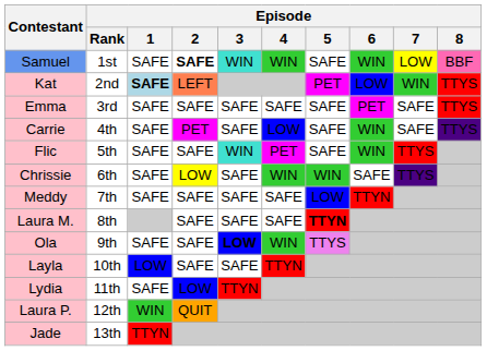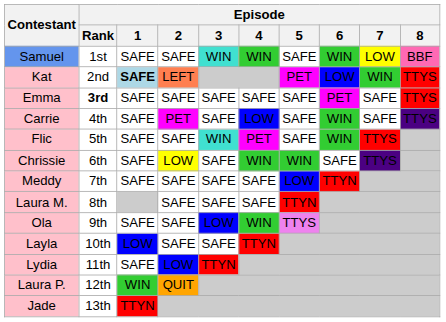 <table class="wikitable" style="text-align:center; background-color: white">
 <tr>
 <th rowspan=2>Contestant</th>
 <th colspan=9>Episode</th>
 </tr>
 <tr>
 <th>Rank</th>
 <th>1</th>
 <th>2</th>
 <th>3</th>
 <th>4</th>
 <th>5</th>
 <th>6</th>
 <th>7</th>
 <th>8</th>
 </tr>
 <tr>
 <td bgcolor="cornflowerblue">Samuel</td>
 <td>1st</td>
 <td>SAFE</td>
-<td><strong>SAFE</strong></td>
+<td>SAFE</td>
 <td bgcolor="turquoise">WIN</td>
 <td bgcolor="limegreen">WIN</td>
 <td>SAFE</td>
 <td bgcolor="limegreen">WIN</td>
 <td bgcolor="yellow"><span>LOW</span></td>
 <td bgcolor="hotpink">BBF</td>
 </tr>
 <tr>
 <td bgcolor="pink">Kat</td>
 <td>2nd</td>
 <td bgcolor="lightblue"><strong>SAFE</strong></td>
 <td bgcolor="coral">LEFT</td>
 <td bgcolor="#CCCCCC" colspan=2></td>
 <td bgcolor="magenta"><span>PET</span></td>
 <td bgcolor="blue"><span>LOW</span></td>
 <td bgcolor="limegreen">WIN</td>
 <td bgcolor="red">TTYS</td>
 </tr>
 <tr>
 <td bgcolor="pink">Emma</td>
-<td>3rd</td>
+<td><strong>3rd</strong></td>
 <td>SAFE</td>
 <td>SAFE</td>
 <td>SAFE</td>
 <td>SAFE</td>
 <td>SAFE</td>
 <td bgcolor="magenta"><span>PET</span></td>
 <td>SAFE</td>
 <td bgcolor="red">TTYS</td>
 </tr>
 <tr>
 <td bgcolor="pink">Carrie</td>
 <td>4th</td>
 <td>SAFE</td>
 <td bgcolor="magenta"><span>PET</span></td>
 <td>SAFE</td>
 <td bgcolor="blue"><span>LOW</span></td>
 <td>SAFE</td>
 <td bgcolor="limegreen">WIN</td>
 <td>SAFE</td>
 <td bgcolor="indigo"><span>TTYS</span></td>
 </tr>
 <tr>
 <td bgcolor="pink">Flic</td>
 <td>5th</td>
 <td>SAFE</td>
 <td>SAFE</td>
 <td bgcolor="turquoise">WIN</td>
 <td bgcolor="magenta"><span>PET</span></td>
 <td>SAFE</td>
 <td bgcolor="limegreen">WIN</td>
 <td bgcolor="red">TTYS</td>
 <td bgcolor="#CCCCCC"></td>
 </tr>
 <tr>
 <td bgcolor="pink">Chrissie</td>
 <td>6th</td>
 <td>SAFE</td>
 <td bgcolor="yellow">LOW</td>
 <td>SAFE</td>
 <td bgcolor="limegreen">WIN</td>
 <td bgcolor="limegreen">WIN</td>
 <td>SAFE</td>
 <td bgcolor="indigo"><span>TTYS</span></td>
 <td bgcolor="#CCCCCC"></td>
 </tr>
 <tr>
 <td bgcolor="pink">Meddy</td>
 <td>7th</td>
 <td>SAFE</td>
 <td>SAFE</td>
 <td>SAFE</td>
 <td>SAFE</td>
 <td bgcolor="blue"><span>LOW</span></td>
 <td bgcolor="red">TTYN</td>
 <td bgcolor="#CCCCCC" colspan=2></td>
 </tr>
 <tr>
 <td bgcolor="pink">Laura M.</td>
 <td>8th</td>
 <td bgcolor="#CCCCCC"></td>
 <td>SAFE</td>
 <td>SAFE</td>
 <td>SAFE</td>
-<td bgcolor="red"><strong>TTYN</strong></td>
+<td bgcolor="red">TTYN</td>
 <td bgcolor="#CCCCCC" colspan=3></td>
 </tr>
 <tr>
 <td bgcolor="pink">Ola</td>
 <td>9th</td>
 <td>SAFE</td>
 <td>SAFE</td>
-<td bgcolor="blue"><strong><span>LOW</span></strong></td>
+<td bgcolor="blue"><span>LOW</span></td>
 <td bgcolor="limegreen">WIN</td>
 <td bgcolor="violet">TTYS</td>
 <td bgcolor="#CCCCCC" colspan=3></td>
 </tr>
 <tr>
 <td bgcolor="pink">Layla</td>
 <td>10th</td>
 <td bgcolor="blue"><span>LOW</span></td>
 <td>SAFE</td>
 <td>SAFE</td>
 <td bgcolor="red">TTYN</td>
 <td bgcolor="#CCCCCC" colspan=4></td>
 </tr>
 <tr>
 <td bgcolor="pink">Lydia</td>
 <td>11th</td>
 <td>SAFE</td>
 <td bgcolor="blue"><span>LOW</span></td>
 <td bgcolor="red">TTYN</td>
 <td bgcolor="#CCCCCC" colspan=5></td>
 </tr>
 <tr>
 <td bgcolor="pink">Laura P.</td>
 <td>12th</td>
 <td bgcolor="limegreen">WIN</td>
 <td bgcolor="orange">QUIT</td>
 <td bgcolor="#CCCCCC" colspan=6></td>
 </tr>
 <tr>
 <td bgcolor="pink">Jade</td>
 <td>13th</td>
 <td bgcolor="red">TTYN</td>
 <td bgcolor="#CCCCCC" colspan=8></td>
 </tr>
 </table>
